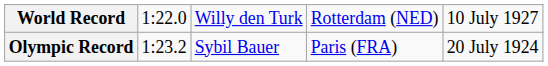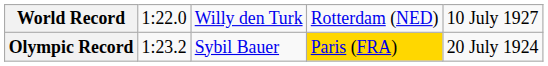 <table class="wikitable">
 <tr>
 <th>World Record</th>
 <td>1:22.0</td>
 <td> <a href='#'>Willy den Turk</a></td>
 <td><a href='#'>Rotterdam</a> (<a href='#'>NED</a>)</td>
 <td>10 July 1927</td>
 </tr>
 <tr>
 <th>Olympic Record</th>
 <td>1:23.2</td>
 <td> <a href='#'>Sybil Bauer</a></td>
-<td><a href='#'>Paris</a> (<a href='#'>FRA</a>)</td>
+<td style="background: gold;"><a href='#'>Paris</a> (<a href='#'>FRA</a>)</td>
 <td>20 July 1924</td>
 </tr>
 </table>
